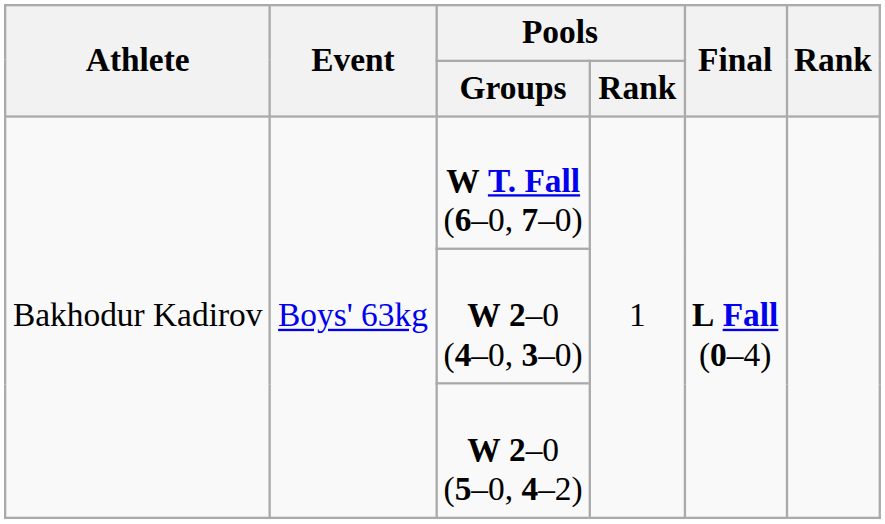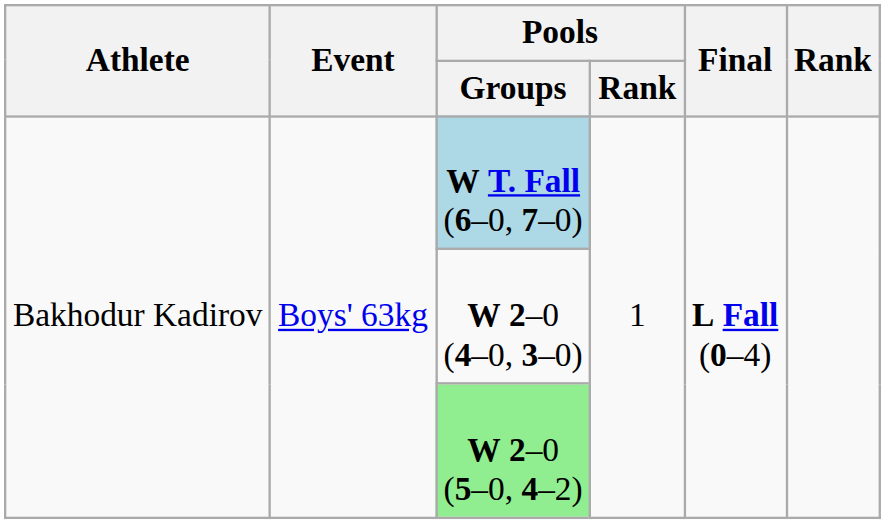 <table class="wikitable" style="text-align:left; font-size:90%">
 <tr>
 <th rowspan="2">Athlete</th>
 <th rowspan="2">Event</th>
 <th colspan="2">Pools</th>
 <th rowspan="2">Final</th>
 <th rowspan="2">Rank</th>
 </tr>
 <tr>
 <th>Groups</th>
 <th>Rank</th>
 </tr>
 <tr>
 <td rowspan="3">Bakhodur Kadirov</td>
 <td rowspan="3"><a href='#'>Boys' 63kg</a></td>
-<td align=center><br><strong>W</strong> <strong><a href='#'>T. Fall</a></strong><br>(<strong>6</strong>–0, <strong>7</strong>–0)</td>
+<td align=center style="background: lightblue;"><br><strong>W</strong> <strong><a href='#'>T. Fall</a></strong><br>(<strong>6</strong>–0, <strong>7</strong>–0)</td>
 <td rowspan="3" align=center>1</td>
 <td align=center rowspan=3><br><strong>L</strong> <strong><a href='#'>Fall</a></strong><br>(<strong>0</strong>–4)</td>
 <td rowspan="3" align="center"></td>
 </tr>
 <tr>
 <td align=center><br><strong>W</strong> <strong>2</strong>–0<br>(<strong>4</strong>–0, <strong>3</strong>–0)</td>
 </tr>
 <tr>
-<td align=center><br><strong>W</strong> <strong>2</strong>–0<br>(<strong>5</strong>–0, <strong>4</strong>–2)</td>
+<td align=center style="background: lightgreen;"><br><strong>W</strong> <strong>2</strong>–0<br>(<strong>5</strong>–0, <strong>4</strong>–2)</td>
 </tr>
 </table>
